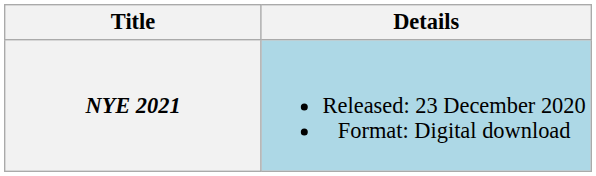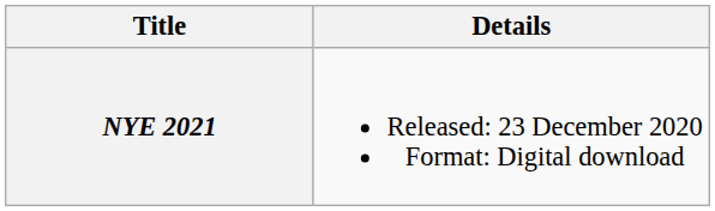 <table class="wikitable plainrowheaders" style="text-align:center;">
 <tr>
 <th scope="col" style="width:11em">Title</th>
 <th scope="col">Details</th>
 </tr>
 <tr>
 <th scope="row"><em>NYE 2021</em></th>
-<td style="background: lightblue;"><br><ul><li>Released: 23 December 2020</li><li>Format: Digital download</li></ul></td>
+<td><br><ul><li>Released: 23 December 2020</li><li>Format: Digital download</li></ul></td>
 </tr>
 </table>
